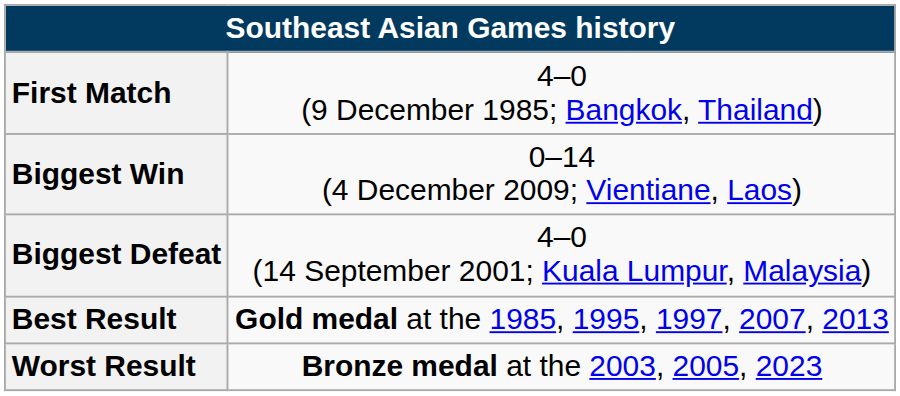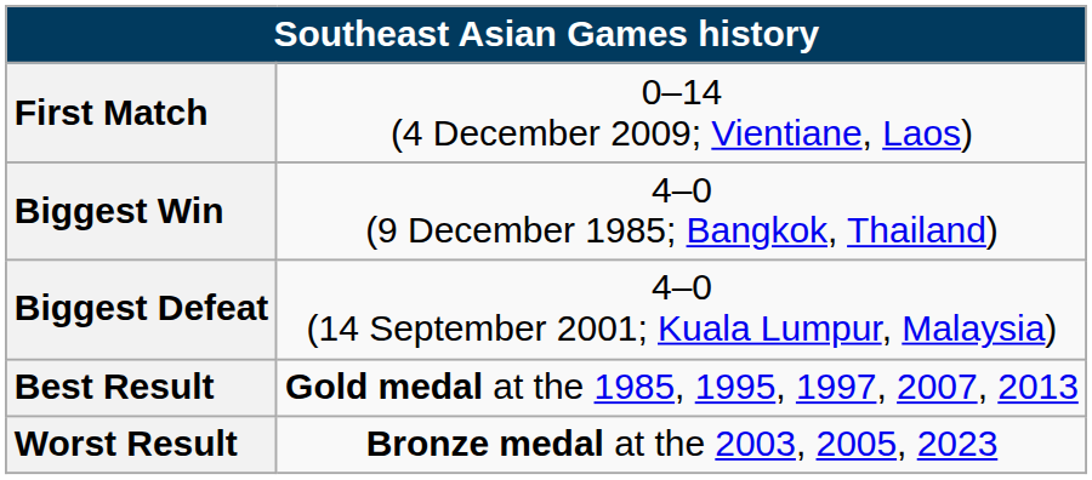 <table class="wikitable" style="text-align: center; font-size:100%">
 <tr>
 <th colspan="6" style="background: #013A5E; color: #FFFFFF;">Southeast Asian Games history</th>
 </tr>
 <tr>
 <th style="text-align: left;">First Match</th>
-<td align=center> 4–0 <br>(9 December 1985; <a href='#'>Bangkok</a>, <a href='#'>Thailand</a>)</td>
+<td align=center> 0–14 <br>(4 December 2009; <a href='#'>Vientiane</a>, <a href='#'>Laos</a>)</td>
 </tr>
 <tr>
 <th style="text-align: left;">Biggest Win</th>
-<td align=center> 0–14 <br>(4 December 2009; <a href='#'>Vientiane</a>, <a href='#'>Laos</a>)</td>
+<td align=center> 4–0 <br>(9 December 1985; <a href='#'>Bangkok</a>, <a href='#'>Thailand</a>)</td>
 </tr>
 <tr>
 <th style="text-align: left;">Biggest Defeat</th>
 <td align=center> 4–0 <br>(14 September 2001; <a href='#'>Kuala Lumpur</a>, <a href='#'>Malaysia</a>)</td>
 </tr>
 <tr>
 <th style="text-align: left;">Best Result</th>
 <td><strong>Gold medal</strong> at the <a href='#'>1985</a>, <a href='#'>1995</a>, <a href='#'>1997</a>, <a href='#'>2007</a>, <a href='#'>2013</a></td>
 </tr>
 <tr>
 <th style="text-align: left;">Worst Result</th>
 <td><strong>Bronze medal</strong> at the <a href='#'>2003</a>, <a href='#'>2005</a>, <a href='#'>2023</a></td>
 </tr>
 </table>
